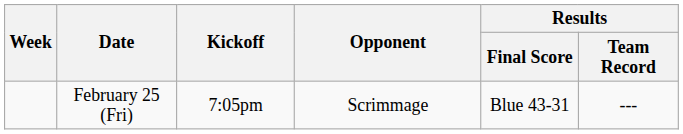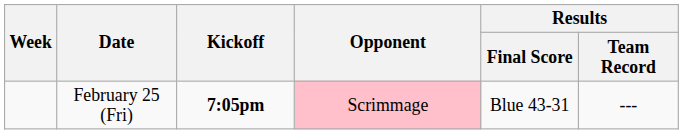 <table class="wikitable">
 <tr>
 <th rowspan="2" width="40">Week</th>
 <th rowspan="2" width="110">Date</th>
 <th rowspan="2" width="110">Kickoff</th>
 <th rowspan="2" width="180">Opponent</th>
 <th colspan="2" width="180">Results</th>
 </tr>
 <tr>
 <th width="90">Final Score</th>
 <th width="90">Team Record</th>
 </tr>
 <tr>
 <td align="center"></td>
 <td align="center">February 25 (Fri)</td>
-<td align="center">7:05pm</td>
-<td align="center">Scrimmage</td>
+<td align="center"><strong>7:05pm</strong></td>
+<td align="center" style="background: pink;">Scrimmage</td>
 <td align="center">Blue 43-31</td>
 <td align="center">---</td>
 </tr>
 </table>
